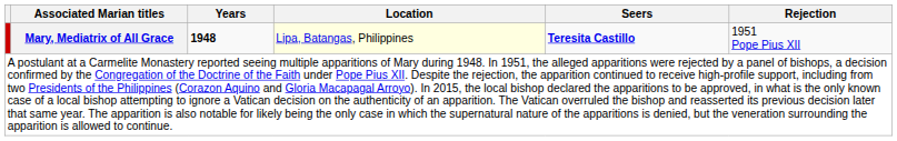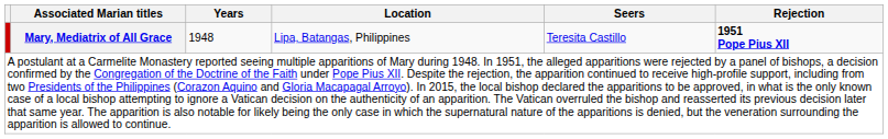 <table class="wikitable plainrowheaders sortable">
 <tr>
 <th class="unsortable" style="padding:0;width:7px"></th>
 <th scope="col" width="20%">Associated Marian titles</th>
 <th scope="col">Years</th>
 <th scope="col">Location</th>
 <th scope="col">Seers</th>
 <th scope="col">Rejection</th>
 </tr>
 <tr id="Lipa">
 <td style="background-color:#c00;padding:0" title="Negative judgment"></td>
 <th data-sort-value="Mediatrix of All Grace" scope="row"><strong><a href='#'>Mary, Mediatrix of All Grace</a></strong></th>
-<td><strong>1948</strong></td>
-<td data-sort-value="Philippines Lipa" style="background: lightyellow;"> <a href='#'>Lipa, Batangas</a>, Philippines</td>
-<td data-sort-value="1 Castillo Teresita"><strong><a href='#'>Teresita Castillo</a></strong></td>
-<td data-sort-value="1951">1951<br><a href='#'>Pope Pius XII</a></td>
+<td>1948</td>
+<td data-sort-value="Philippines Lipa"> <a href='#'>Lipa, Batangas</a>, Philippines</td>
+<td data-sort-value="1 Castillo Teresita"><a href='#'>Teresita Castillo</a></td>
+<td data-sort-value="1951"><strong>1951<br><a href='#'>Pope Pius XII</a></strong></td>
 </tr>
 <tr class="expand-child">
 <td class="description" colspan="6" style="background: white;">A postulant at a Carmelite Monastery reported seeing multiple apparitions of Mary during 1948. In 1951, the alleged apparitions were rejected by a panel of bishops, a decision confirmed by the <a href='#'>Congregation of the Doctrine of the Faith</a> under <a href='#'>Pope Pius XII</a>. Despite the rejection, the apparition continued to receive high-profile support, including from two <a href='#'>Presidents of the Philippines</a> (<a href='#'>Corazon Aquino</a> and <a href='#'>Gloria Macapagal Arroyo</a>). In 2015, the local bishop declared the apparitions to be approved, in what is the only known case of a local bishop attempting to ignore a Vatican decision on the authenticity of an apparition. The Vatican overruled the bishop and reasserted its previous decision later that same year. The apparition is also notable for likely being the only case in which the supernatural nature of the apparitions is denied, but the veneration surrounding the apparition is allowed to continue.</td>
 </tr>
 </table>
